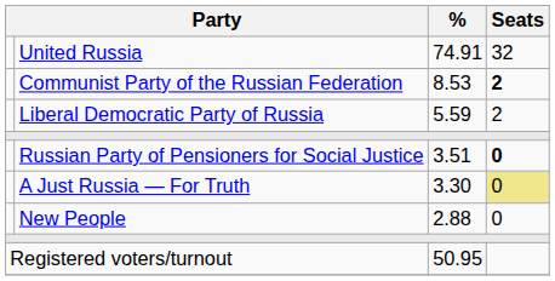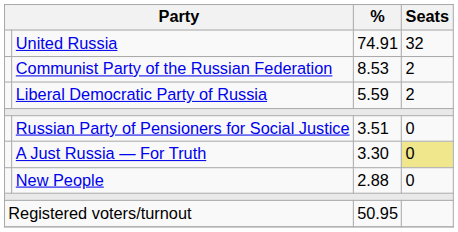 <table class="wikitable">
 <tr>
 <th colspan=2>Party</th>
 <th>%</th>
 <th>Seats</th>
 </tr>
 <tr>
 <td style="background:"></td>
 <td><a href='#'>United Russia</a></td>
 <td>74.91</td>
 <td>32</td>
 </tr>
 <tr>
 <td style="background:"></td>
 <td><a href='#'>Communist Party of the Russian Federation</a></td>
 <td>8.53</td>
-<td><strong>2</strong></td>
+<td>2</td>
 </tr>
 <tr>
 <td style="background:"></td>
 <td><a href='#'>Liberal Democratic Party of Russia</a></td>
 <td>5.59</td>
 <td>2</td>
 </tr>
 <tr>
 <td colspan=4 style="background:#E9E9E9;"></td>
 </tr>
 <tr>
 <td style="background:"></td>
 <td><a href='#'>Russian Party of Pensioners for Social Justice</a></td>
 <td>3.51</td>
-<td><strong>0</strong></td>
+<td>0</td>
 </tr>
 <tr>
 <td style="background:"></td>
 <td><a href='#'>A Just Russia — For Truth</a></td>
 <td>3.30</td>
 <td style="background: khaki;">0</td>
 </tr>
 <tr>
 <td style="background:"></td>
 <td><a href='#'>New People</a></td>
 <td>2.88</td>
 <td>0</td>
 </tr>
 <tr>
 <td colspan=4 style="background:#E9E9E9;"></td>
 </tr>
 <tr>
 <td align=left colspan=2>Registered voters/turnout</td>
 <td>50.95</td>
 <td></td>
 </tr>
 <tr>
 </tr>
 </table>
